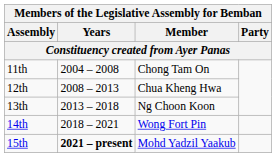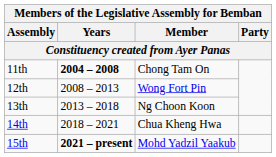 <table class=wikitable>
 <tr>
 <th colspan=4>Members of the Legislative Assembly for Bemban</th>
 </tr>
 <tr>
 <th>Assembly</th>
 <th>Years</th>
 <th>Member</th>
 <th>Party</th>
 </tr>
 <tr>
 <th colspan=4 align=center><em>Constituency created from Ayer Panas</em></th>
 </tr>
 <tr>
 <td>11th</td>
-<td>2004 – 2008</td>
+<td><strong>2004 – 2008</strong></td>
 <td>Chong Tam On</td>
 <td rowspan="3"></td>
 </tr>
 <tr>
 <td>12th</td>
 <td>2008 – 2013</td>
-<td>Chua Kheng Hwa</td>
+<td><a href='#'>Wong Fort Pin</a></td>
 </tr>
 <tr>
 <td>13th</td>
 <td>2013 – 2018</td>
 <td>Ng Choon Koon</td>
 </tr>
 <tr>
 <td><a href='#'>14th</a></td>
 <td>2018 – 2021</td>
-<td><a href='#'>Wong Fort Pin</a></td>
+<td>Chua Kheng Hwa</td>
 <td></td>
 </tr>
 <tr>
 <td><a href='#'>15th</a></td>
 <td><strong>2021 – present</strong></td>
 <td><a href='#'>Mohd Yadzil Yaakub</a></td>
 <td></td>
 </tr>
 </table>
